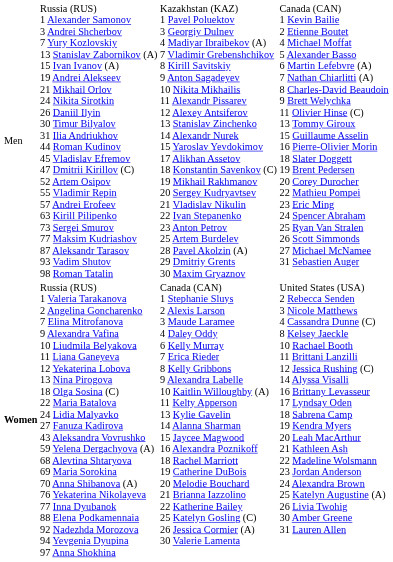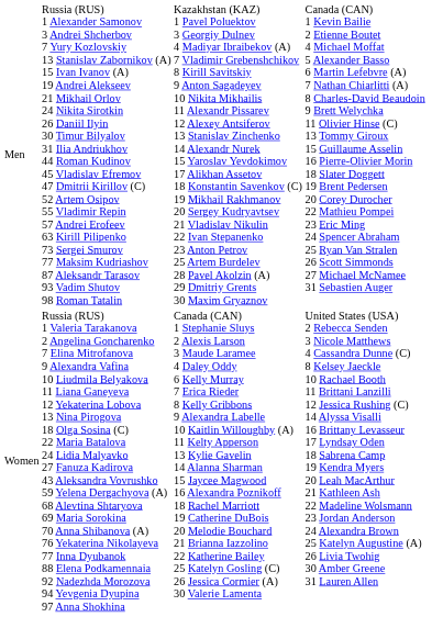 <table>
 <tr>
 <td>Men</td>
 <td valign=top> Russia (RUS)<br>1 <a href='#'>Alexander Samonov</a><br>3 <a href='#'>Andrei Shcherbov</a><br>7 <a href='#'>Yury Kozlovskiy</a><br>13 <a href='#'>Stanislav Zabornikov</a> (A)<br>15 <a href='#'>Ivan Ivanov</a> (A)<br>19 <a href='#'>Andrei Alekseev</a><br>21 <a href='#'>Mikhail Orlov</a><br>24 <a href='#'>Nikita Sirotkin</a><br>26 <a href='#'>Daniil Ilyin</a><br>30 <a href='#'>Timur Bilyalov</a><br>31 <a href='#'>Ilia Andriukhov</a><br>44 <a href='#'>Roman Kudinov</a><br>45 <a href='#'>Vladislav Efremov</a><br>47 <a href='#'>Dmitrii Kirillov</a> (C)<br>52 <a href='#'>Artem Osipov</a><br>55 <a href='#'>Vladimir Repin</a><br>57 <a href='#'>Andrei Erofeev</a><br>63 <a href='#'>Kirill Pilipenko</a><br>73 <a href='#'>Sergei Smurov</a><br>77 <a href='#'>Maksim Kudriashov</a><br>87 <a href='#'>Aleksandr Tarasov</a><br>93 <a href='#'>Vadim Shutov</a><br>98 <a href='#'>Roman Tatalin</a></td>
 <td valign=top> Kazakhstan (KAZ)<br>1 <a href='#'>Pavel Poluektov</a><br>3 <a href='#'>Georgiy Dulnev</a><br>4 <a href='#'>Madiyar Ibraibekov</a> (A)<br>7 <a href='#'>Vladimir Grebenshchikov</a><br>8 <a href='#'>Kirill Savitskiy</a><br>9 <a href='#'>Anton Sagadeyev</a><br>10 <a href='#'>Nikita Mikhailis</a><br>11 <a href='#'>Alexandr Pissarev</a><br>12 <a href='#'>Alexey Antsiferov</a><br>13 <a href='#'>Stanislav Zinchenko</a><br>14 <a href='#'>Alexandr Nurek</a><br>15 <a href='#'>Yaroslav Yevdokimov</a><br>17 <a href='#'>Alikhan Assetov</a><br>18 <a href='#'>Konstantin Savenkov</a> (C)<br>19 <a href='#'>Mikhail Rakhmanov</a><br>20 <a href='#'>Sergey Kudryavtsev</a><br>21 <a href='#'>Vladislav Nikulin</a><br>22 <a href='#'>Ivan Stepanenko</a><br>23 <a href='#'>Anton Petrov</a><br>25 <a href='#'>Artem Burdelev</a><br>28 <a href='#'>Pavel Akolzin</a> (A)<br>29 <a href='#'>Dmitriy Grents</a><br>30 <a href='#'>Maxim Gryaznov</a></td>
 <td valign=top> Canada (CAN)<br>1 <a href='#'>Kevin Bailie</a><br>2 <a href='#'>Etienne Boutet</a><br>4 <a href='#'>Michael Moffat</a><br>5 <a href='#'>Alexander Basso</a><br>6 <a href='#'>Martin Lefebvre</a> (A)<br>7 <a href='#'>Nathan Chiarlitti</a> (A)<br>8 <a href='#'>Charles-David Beaudoin</a><br>9 <a href='#'>Brett Welychka</a><br>11 <a href='#'>Olivier Hinse</a> (C)<br>13 <a href='#'>Tommy Giroux</a><br>15 <a href='#'>Guillaume Asselin</a><br>16 <a href='#'>Pierre-Olivier Morin</a><br>18 <a href='#'>Slater Doggett</a><br>19 <a href='#'>Brent Pedersen</a><br>20 <a href='#'>Corey Durocher</a><br>22 <a href='#'>Mathieu Pompei</a><br>23 <a href='#'>Eric Ming</a><br>24 <a href='#'>Spencer Abraham</a><br>25 <a href='#'>Ryan Van Stralen</a><br>26 <a href='#'>Scott Simmonds</a><br>27 <a href='#'>Michael McNamee</a><br>31 <a href='#'>Sebastien Auger</a></td>
 </tr>
 <tr>
-<td><strong>Women</strong></td>
+<td>Women</td>
 <td valign=top> Russia (RUS)<br>1 <a href='#'>Valeria Tarakanova</a><br>2 <a href='#'>Angelina Goncharenko</a><br>7 <a href='#'>Elina Mitrofanova</a><br>9 <a href='#'>Alexandra Vafina</a><br>10 <a href='#'>Liudmila Belyakova</a><br>11 <a href='#'>Liana Ganeyeva</a><br>12 <a href='#'>Yekaterina Lobova</a><br>13 <a href='#'>Nina Pirogova</a><br>18 <a href='#'>Olga Sosina</a> (C)<br>22 <a href='#'>Maria Batalova</a><br>24 <a href='#'>Lidia Malyavko</a><br>27 <a href='#'>Fanuza Kadirova</a><br>43 <a href='#'>Aleksandra Vovrushko</a><br>59 <a href='#'>Yelena Dergachyova</a> (A)<br>68 <a href='#'>Alevtina Shtaryova</a><br>69 <a href='#'>Maria Sorokina</a><br>70 <a href='#'>Anna Shibanova</a> (A)<br>76 <a href='#'>Yekaterina Nikolayeva</a><br>77 <a href='#'>Inna Dyubanok</a><br>88 <a href='#'>Elena Podkamennaia</a><br>92 <a href='#'>Nadezhda Morozova</a><br>94 <a href='#'>Yevgenia Dyupina</a><br>97 <a href='#'>Anna Shokhina</a></td>
 <td valign=top> Canada (CAN)<br>1 <a href='#'>Stephanie Sluys</a><br>2 <a href='#'>Alexis Larson</a><br>3 <a href='#'>Maude Laramee</a><br>4 <a href='#'>Daley Oddy</a><br>6 <a href='#'>Kelly Murray</a><br>7 <a href='#'>Erica Rieder</a><br>8 <a href='#'>Kelly Gribbons</a><br>9 <a href='#'>Alexandra Labelle</a><br>10 <a href='#'>Kaitlin Willoughby</a> (A)<br>11 <a href='#'>Kelty Apperson</a><br>13 <a href='#'>Kylie Gavelin</a><br>14 <a href='#'>Alanna Sharman</a><br>15 <a href='#'>Jaycee Magwood</a><br>16 <a href='#'>Alexandra Poznikoff</a><br>18 <a href='#'>Rachel Marriott</a><br>19 <a href='#'>Catherine DuBois</a><br>20 <a href='#'>Melodie Bouchard</a><br>21 <a href='#'>Brianna Iazzolino</a><br>22 <a href='#'>Katherine Bailey</a><br>25 <a href='#'>Katelyn Gosling</a> (C)<br> 26 <a href='#'>Jessica Cormier</a> (A)<br>30 <a href='#'>Valerie Lamenta</a></td>
 <td valign=top> United States (USA)<br>2 <a href='#'>Rebecca Senden</a><br>3 <a href='#'>Nicole Matthews</a><br>4 <a href='#'>Cassandra Dunne</a> (C)<br>8 <a href='#'>Kelsey Jaeckle</a><br>10 <a href='#'>Rachael Booth</a><br>11 <a href='#'>Brittani Lanzilli</a><br>12 <a href='#'>Jessica Rushing</a> (C)<br>14 <a href='#'>Alyssa Visalli</a><br>16 <a href='#'>Brittany Levasseur</a><br>17 <a href='#'>Lyndsay Oden</a><br>18 <a href='#'>Sabrena Camp</a><br>19 <a href='#'>Kendra Myers</a><br>20 <a href='#'>Leah MacArthur</a><br>21 <a href='#'>Kathleen Ash</a><br>22 <a href='#'>Madeline Wolsmann</a><br>23 <a href='#'>Jordan Anderson</a><br>24 <a href='#'>Alexandra Brown</a><br>25 <a href='#'>Katelyn Augustine</a> (A)<br>26 <a href='#'>Livia Twohig</a><br>30 <a href='#'>Amber Greene</a><br>31 <a href='#'>Lauren Allen</a></td>
 </tr>
 </table>
